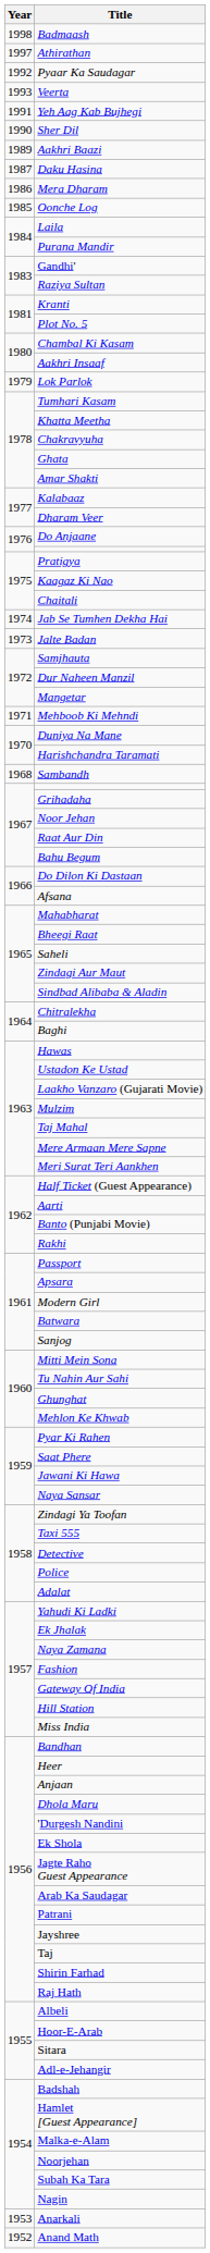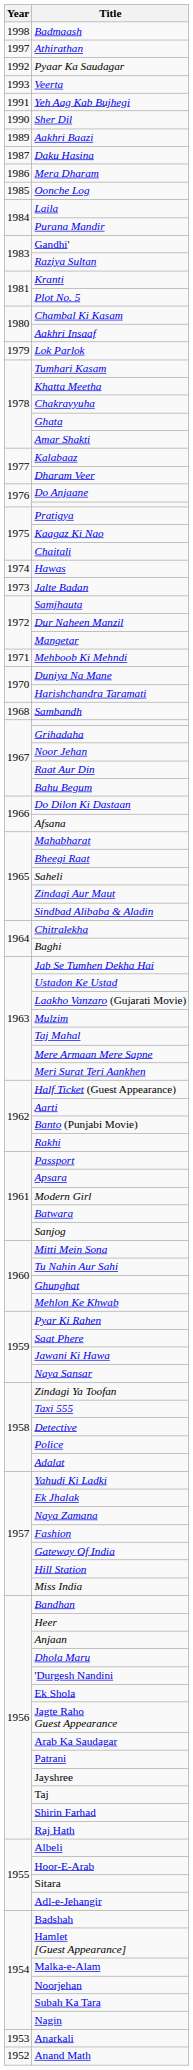 <table class = "wikitable sortable">
 <tr>
 <th>Year</th>
 <th>Title</th>
 </tr>
 <tr>
 <td>1998</td>
 <td><em><a href='#'>Badmaash</a></em></td>
 </tr>
 <tr>
 <td>1997</td>
 <td><em><a href='#'>Athirathan</a></em></td>
 </tr>
 <tr>
 <td>1992</td>
 <td><em>Pyaar Ka Saudagar</em></td>
 </tr>
 <tr>
 <td>1993</td>
 <td><em><a href='#'>Veerta</a></em></td>
 </tr>
 <tr>
 <td>1991</td>
 <td><em><a href='#'>Yeh Aag Kab Bujhegi</a></em></td>
 </tr>
 <tr>
 <td>1990</td>
 <td><em><a href='#'>Sher Dil</a></em></td>
 </tr>
 <tr>
 <td>1989</td>
 <td><em><a href='#'>Aakhri Baazi</a></em></td>
 </tr>
 <tr>
 <td>1987</td>
 <td><em><a href='#'>Daku Hasina</a></em></td>
 </tr>
 <tr>
 <td>1986</td>
 <td><em><a href='#'>Mera Dharam</a></em></td>
 </tr>
 <tr>
 <td>1985</td>
 <td><em><a href='#'>Oonche Log</a></em></td>
 </tr>
 <tr>
 <td rowspan="2">1984</td>
 <td><a href='#'><em>Laila</em></a></td>
 </tr>
 <tr>
 <td><em><a href='#'>Purana Mandir</a></em></td>
 </tr>
 <tr>
 <td rowspan="2">1983</td>
 <td><a href='#'>Gandhi</a>'</td>
 </tr>
 <tr>
 <td><em><a href='#'>Raziya Sultan</a></em></td>
 </tr>
 <tr>
 <td rowspan="2">1981</td>
 <td><em><a href='#'>Kranti</a></em></td>
 </tr>
 <tr Katilon ke Katil 1981(father of Heroes Dharmendra and Rishi Kapoor)>
 <td><em><a href='#'>Plot No. 5</a></em></td>
 </tr>
 <tr>
 <td rowspan="2">1980</td>
 <td><em><a href='#'>Chambal Ki Kasam</a></em></td>
 </tr>
 <tr>
 <td><em><a href='#'>Aakhri Insaaf</a></em></td>
 </tr>
 <tr>
 <td>1979</td>
 <td><em><a href='#'>Lok Parlok</a></em></td>
 </tr>
 <tr>
 <td rowspan="5">1978</td>
 <td><em><a href='#'>Tumhari Kasam</a></em></td>
 </tr>
 <tr>
 <td><em><a href='#'>Khatta Meetha</a></em></td>
 </tr>
 <tr>
 <td><em><a href='#'>Chakravyuha</a></em></td>
 </tr>
 <tr>
 <td><em><a href='#'>Ghata</a></em></td>
 </tr>
 <tr>
 <td><em><a href='#'>Amar Shakti</a></em></td>
 </tr>
 <tr>
 <td rowspan="2">1977</td>
 <td><em><a href='#'>Kalabaaz</a></em></td>
 </tr>
 <tr>
 <td><em><a href='#'>Dharam Veer</a></em></td>
 </tr>
 <tr>
 <td rowspan="2">1976</td>
 <td><em><a href='#'>Do Anjaane</a></em></td>
 </tr>
 <tr>
 <td></td>
 </tr>
 <tr>
 <td rowspan="3">1975</td>
 <td><em><a href='#'>Pratigya</a></em></td>
 </tr>
 <tr>
 <td><em><a href='#'>Kaagaz Ki Nao</a></em></td>
 </tr>
 <tr>
 <td><em><a href='#'>Chaitali</a></em></td>
 </tr>
 <tr>
 <td>1974</td>
-<td><em><a href='#'>Jab Se Tumhen Dekha Hai</a></em></td>
+<td><em><a href='#'>Hawas</a></em></td>
 </tr>
 <tr>
 <td>1973</td>
 <td><em><a href='#'>Jalte Badan</a></em></td>
 </tr>
 <tr>
 <td rowspan="3">1972</td>
 <td><em><a href='#'>Samjhauta</a></em></td>
 </tr>
 <tr>
 <td><em><a href='#'>Dur Naheen Manzil</a></em></td>
 </tr>
 <tr>
 <td><em><a href='#'>Mangetar</a></em></td>
 </tr>
 <tr>
 <td>1971</td>
 <td><em><a href='#'>Mehboob Ki Mehndi</a></em></td>
 </tr>
 <tr>
 <td rowspan="2">1970</td>
 <td><em><a href='#'>Duniya Na Mane</a></em></td>
 </tr>
 <tr>
 <td><em><a href='#'>Harishchandra Taramati</a></em></td>
 </tr>
 <tr>
 <td>1968</td>
 <td><em><a href='#'>Sambandh</a></em></td>
 </tr>
 <tr>
 <td rowspan="5">1967</td>
 <td></td>
 </tr>
 <tr>
 <td><em><a href='#'>Grihadaha</a></em></td>
 </tr>
 <tr>
 <td><em><a href='#'>Noor Jehan</a></em></td>
 </tr>
 <tr>
 <td><em><a href='#'>Raat Aur Din</a></em></td>
 </tr>
 <tr>
 <td><em><a href='#'>Bahu Begum</a></em></td>
 </tr>
 <tr>
 <td rowspan="2">1966</td>
 <td><em><a href='#'>Do Dilon Ki Dastaan</a></em></td>
 </tr>
 <tr>
 <td><em>Afsana</em></td>
 </tr>
 <tr>
 <td rowspan="5">1965</td>
 <td><em><a href='#'>Mahabharat</a></em></td>
 </tr>
 <tr>
 <td><em><a href='#'>Bheegi Raat</a></em></td>
 </tr>
 <tr>
 <td><em>Saheli</em></td>
 </tr>
 <tr>
 <td><em><a href='#'>Zindagi Aur Maut</a></em></td>
 </tr>
 <tr>
 <td><em><a href='#'>Sindbad Alibaba & Aladin</a></em></td>
 </tr>
 <tr>
 <td rowspan="2">1964</td>
 <td><em><a href='#'>Chitralekha</a></em></td>
 </tr>
 <tr>
 <td><em>Baghi</em></td>
 </tr>
 <tr>
 <td rowspan="7">1963</td>
-<td><em><a href='#'>Hawas</a></em></td>
+<td><em><a href='#'>Jab Se Tumhen Dekha Hai</a></em></td>
 </tr>
 <tr>
 <td><em><a href='#'>Ustadon Ke Ustad</a></em></td>
 </tr>
 <tr>
 <td><em><a href='#'>Laakho Vanzaro</a></em> (Gujarati Movie)</td>
 </tr>
 <tr>
 <td><em><a href='#'>Mulzim</a></em></td>
 </tr>
 <tr>
 <td><em><a href='#'>Taj Mahal</a></em></td>
 </tr>
 <tr>
 <td><em><a href='#'>Mere Armaan Mere Sapne</a></em></td>
 </tr>
 <tr>
 <td><em><a href='#'>Meri Surat Teri Aankhen</a></em></td>
 </tr>
 <tr>
 <td rowspan="4">1962</td>
 <td><em><a href='#'>Half Ticket</a></em> (Guest Appearance)</td>
 </tr>
 <tr>
 <td><em><a href='#'>Aarti</a></em></td>
 </tr>
 <tr>
 <td><em><a href='#'>Banto</a></em>  (Punjabi Movie)</td>
 </tr>
 <tr>
 <td><em><a href='#'>Rakhi</a></em></td>
 </tr>
 <tr>
 <td rowspan="5">1961</td>
 <td><em><a href='#'>Passport</a></em></td>
 </tr>
 <tr>
 <td><em><a href='#'>Apsara</a></em></td>
 </tr>
 <tr>
 <td><em>Modern Girl</em></td>
 </tr>
 <tr>
 <td><em><a href='#'>Batwara</a></em></td>
 </tr>
 <tr>
 <td><em>Sanjog</em></td>
 </tr>
 <tr>
 <td rowspan="4">1960</td>
 <td><em><a href='#'>Mitti Mein Sona</a></em></td>
 </tr>
 <tr>
 <td><em><a href='#'>Tu Nahin Aur Sahi</a></em></td>
 </tr>
 <tr>
 <td><em><a href='#'>Ghunghat</a></em></td>
 </tr>
 <tr>
 <td><em><a href='#'>Mehlon Ke Khwab</a></em></td>
 </tr>
 <tr>
 <td rowspan="4">1959</td>
 <td><em><a href='#'>Pyar Ki Rahen</a></em></td>
 </tr>
 <tr>
 <td><em><a href='#'>Saat Phere</a></em></td>
 </tr>
 <tr>
 <td><em><a href='#'>Jawani Ki Hawa</a></em></td>
 </tr>
 <tr>
 <td><em><a href='#'>Naya Sansar</a></em></td>
 </tr>
 <tr>
 <td rowspan="5">1958</td>
 <td><em>Zindagi Ya Toofan</em></td>
 </tr>
 <tr>
 <td><em><a href='#'>Taxi 555</a></em></td>
 </tr>
 <tr>
 <td><em><a href='#'>Detective</a></em></td>
 </tr>
 <tr>
 <td><em><a href='#'>Police</a></em></td>
 </tr>
 <tr>
 <td><em><a href='#'>Adalat</a></em></td>
 </tr>
 <tr>
 <td rowspan="7">1957</td>
 <td><em><a href='#'>Yahudi Ki Ladki</a></em></td>
 </tr>
 <tr>
 <td><em><a href='#'>Ek Jhalak</a></em></td>
 </tr>
 <tr>
 <td><em><a href='#'>Naya Zamana</a></em></td>
 </tr>
 <tr>
 <td><em><a href='#'>Fashion</a></em></td>
 </tr>
 <tr>
 <td><em><a href='#'>Gateway Of India</a></em></td>
 </tr>
 <tr>
 <td><em><a href='#'>Hill Station</a></em></td>
 </tr>
 <tr>
 <td><em>Miss India</em></td>
 </tr>
 <tr>
 <td rowspan="13">1956</td>
 <td><em><a href='#'>Bandhan</a></em></td>
 </tr>
 <tr>
 <td><em>Heer</em></td>
 </tr>
 <tr>
 <td><em>Anjaan</em></td>
 </tr>
 <tr>
 <td><em><a href='#'>Dhola Maru</a></em></td>
 </tr>
 <tr>
 <td>'<a href='#'>Durgesh Nandini</a><em></td>
 </tr>
 <tr>
 <td></em><a href='#'>Ek Shola</a><em></td>
 </tr>
 <tr>
 <td></em><a href='#'>Jagte Raho</a><em><br>Guest Appearance</td>
 </tr>
 <tr>
 <td></em><a href='#'>Arab Ka Saudagar</a><em></td>
 </tr>
 <tr>
 <td></em><a href='#'>Patrani</a><em></td>
 </tr>
 <tr>
 <td></em>Jayshree<em></td>
 </tr>
 <tr>
 <td></em>Taj<em></td>
 </tr>
 <tr>
 <td></em><a href='#'>Shirin Farhad</a><em></td>
 </tr>
 <tr>
 <td></em><a href='#'>Raj Hath</a><em></td>
 </tr>
 <tr>
 <td rowspan="4">1955</td>
 <td></em><a href='#'>Albeli</a><em></td>
 </tr>
 <tr>
 <td></em><a href='#'>Hoor-E-Arab</a><em></td>
 </tr>
 <tr>
 <td></em>Sitara<em></td>
 </tr>
 <tr>
 <td></em><a href='#'>Adl-e-Jehangir</a><em></td>
 </tr>
 <tr>
 <td rowspan="6">1954</td>
 <td></em><a href='#'>Badshah</a><em></td>
 </tr>
 <tr>
 <td></em><a href='#'>Hamlet</a><em><br> [Guest Appearance]</td>
 </tr>
 <tr>
 <td></em><a href='#'>Malka-e-Alam</a><em></td>
 </tr>
 <tr>
 <td></em><a href='#'>Noorjehan</a><em></td>
 </tr>
 <tr>
 <td></em><a href='#'>Subah Ka Tara</a><em></td>
 </tr>
 <tr>
 <td></em><a href='#'>Nagin</a><em></td>
 </tr>
 <tr>
 <td>1953</td>
 <td></em><a href='#'>Anarkali</a><em></td>
 </tr>
 <tr>
 <td>1952</td>
 <td></em><a href='#'>Anand Math</a><em></td>
 </tr>
 </table>
